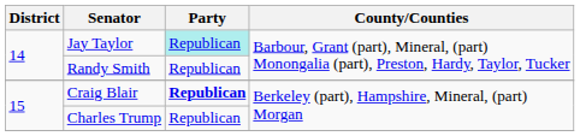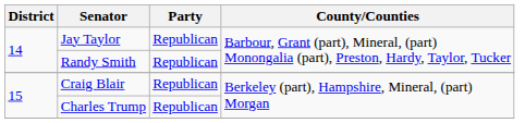 <table class=wikitable>
 <tr>
 <th>District</th>
 <th>Senator</th>
 <th>Party</th>
 <th>County/Counties</th>
 </tr>
 <tr>
 <td rowspan=2><a href='#'>14</a></td>
 <td><a href='#'>Jay Taylor</a></td>
-<td style="background: paleturquoise;"><a href='#'>Republican</a></td>
+<td><a href='#'>Republican</a></td>
 <td rowspan=2><a href='#'>Barbour</a>, <a href='#'>Grant</a> (part), Mineral, (part)<br><a href='#'>Monongalia</a> (part), <a href='#'>Preston</a>, <a href='#'>Hardy</a>, <a href='#'>Taylor</a>, <a href='#'>Tucker</a></td>
 </tr>
 <tr>
 <td><a href='#'>Randy Smith</a></td>
 <td><a href='#'>Republican</a></td>
 </tr>
 <tr>
 </tr>
 <tr>
 <td rowspan=2><a href='#'>15</a></td>
 <td><a href='#'>Craig Blair</a></td>
-<td><strong><a href='#'>Republican</a></strong></td>
+<td><a href='#'>Republican</a></td>
 <td rowspan=2><a href='#'>Berkeley</a> (part), <a href='#'>Hampshire</a>, Mineral, (part)<br><a href='#'>Morgan</a></td>
 </tr>
 <tr>
 <td><a href='#'>Charles Trump</a></td>
 <td><a href='#'>Republican</a></td>
 </tr>
 <tr>
 </tr>
 </table>
